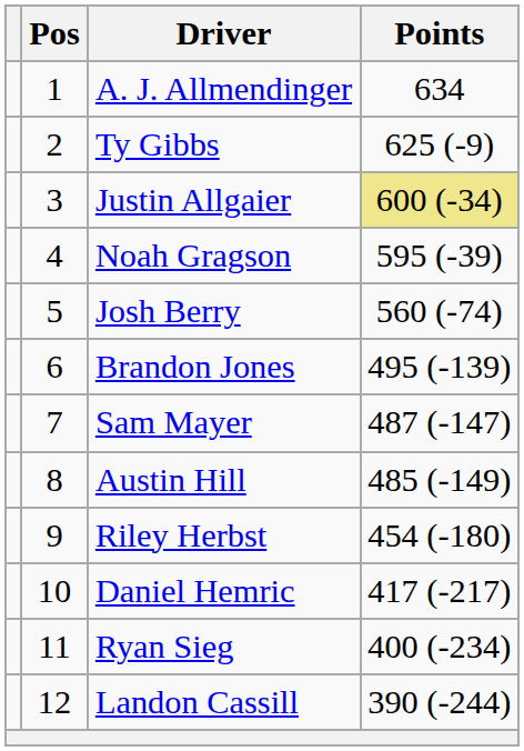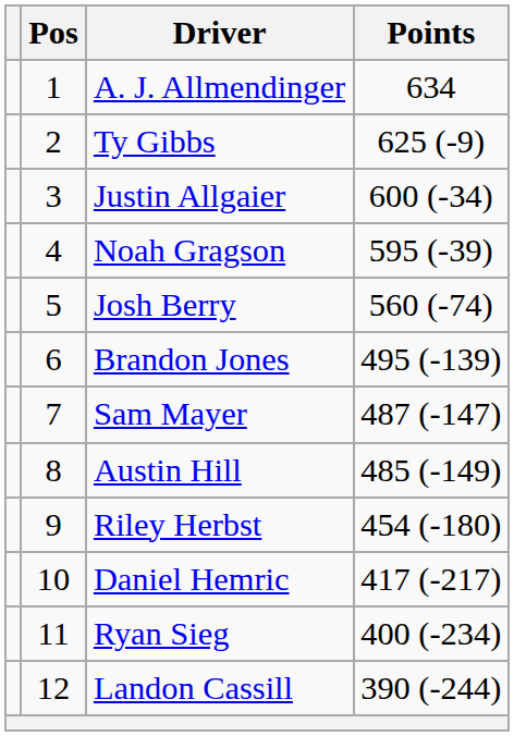 <table class="wikitable" style="font-size: 95%;">
 <tr>
 <th></th>
 <th>Pos</th>
 <th>Driver</th>
 <th>Points</th>
 </tr>
 <tr>
 <td align="left"></td>
 <td style="text-align:center;">1</td>
 <td><a href='#'>A. J. Allmendinger</a></td>
 <td style="text-align:center;">634</td>
 </tr>
 <tr>
 <td align="left"></td>
 <td style="text-align:center;">2</td>
 <td><a href='#'>Ty Gibbs</a></td>
 <td style="text-align:center;">625 (-9)</td>
 </tr>
 <tr>
 <td align="left"></td>
 <td style="text-align:center;">3</td>
 <td><a href='#'>Justin Allgaier</a></td>
-<td style="background: khaki; text-align:center;">600 (-34)</td>
+<td style="text-align:center;">600 (-34)</td>
 </tr>
 <tr>
 <td align="left"></td>
 <td style="text-align:center;">4</td>
 <td><a href='#'>Noah Gragson</a></td>
 <td style="text-align:center;">595 (-39)</td>
 </tr>
 <tr>
 <td align="left"></td>
 <td style="text-align:center;">5</td>
 <td><a href='#'>Josh Berry</a></td>
 <td style="text-align:center;">560 (-74)</td>
 </tr>
 <tr>
 <td align="left"></td>
 <td style="text-align:center;">6</td>
 <td><a href='#'>Brandon Jones</a></td>
 <td style="text-align:center;">495 (-139)</td>
 </tr>
 <tr>
 <td align="left"></td>
 <td style="text-align:center;">7</td>
 <td><a href='#'>Sam Mayer</a></td>
 <td style="text-align:center;">487 (-147)</td>
 </tr>
 <tr>
 <td align="left"></td>
 <td style="text-align:center;">8</td>
 <td><a href='#'>Austin Hill</a></td>
 <td style="text-align:center;">485 (-149)</td>
 </tr>
 <tr>
 <td align="left"></td>
 <td style="text-align:center;">9</td>
 <td><a href='#'>Riley Herbst</a></td>
 <td style="text-align:center;">454 (-180)</td>
 </tr>
 <tr>
 <td align="left"></td>
 <td style="text-align:center;">10</td>
 <td><a href='#'>Daniel Hemric</a></td>
 <td style="text-align:center;">417 (-217)</td>
 </tr>
 <tr>
 <td align="left"></td>
 <td style="text-align:center;">11</td>
 <td><a href='#'>Ryan Sieg</a></td>
 <td style="text-align:center;">400 (-234)</td>
 </tr>
 <tr>
 <td align="left"></td>
 <td style="text-align:center;">12</td>
 <td><a href='#'>Landon Cassill</a></td>
 <td style="text-align:center;">390 (-244)</td>
 </tr>
 <tr class="sortbottom">
 <th colspan="9"></th>
 </tr>
 </table>
